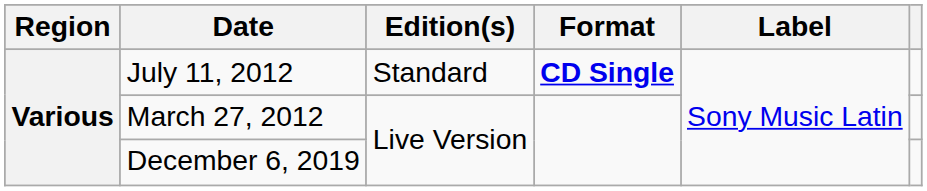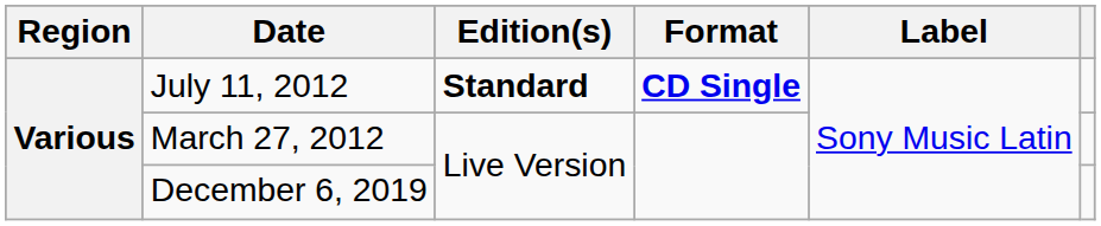 <table class="wikitable plainrowheaders">
 <tr>
 <th scope="col">Region</th>
 <th scope="col">Date</th>
 <th scope="col">Edition(s)</th>
 <th scope="col">Format</th>
 <th scope="col">Label</th>
 <th scope="col"></th>
 </tr>
 <tr>
 <th rowspan="3" scope="row">Various</th>
 <td>July 11, 2012</td>
-<td>Standard</td>
+<td><strong>Standard</strong></td>
 <td><strong><a href='#'>CD Single</a></strong></td>
 <td rowspan="3"><a href='#'>Sony Music Latin</a></td>
 <td></td>
 </tr>
 <tr>
 <td>March 27, 2012</td>
 <td rowspan="2">Live Version</td>
 <td rowspan="2"></td>
 <td></td>
 </tr>
 <tr>
 <td>December 6, 2019</td>
 <td></td>
 </tr>
 </table>
